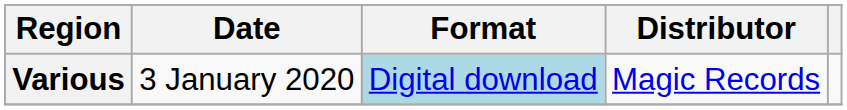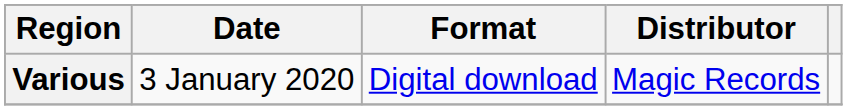 <table class="wikitable plainrowheaders">
 <tr>
 <th>Region</th>
 <th>Date</th>
 <th>Format</th>
 <th>Distributor</th>
 <th></th>
 </tr>
 <tr>
 <th scope="row">Various</th>
 <td>3 January 2020</td>
-<td style="background: lightblue;"><a href='#'>Digital download</a></td>
+<td><a href='#'>Digital download</a></td>
 <td><a href='#'>Magic Records</a></td>
 <td></td>
 </tr>
 <tr>
 </tr>
 </table>
